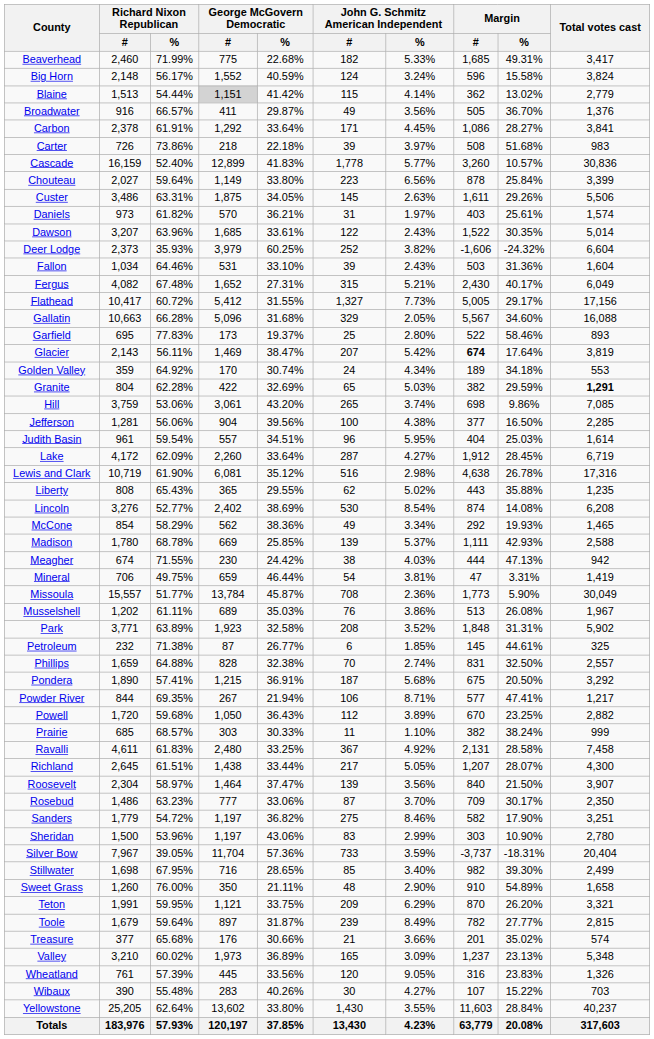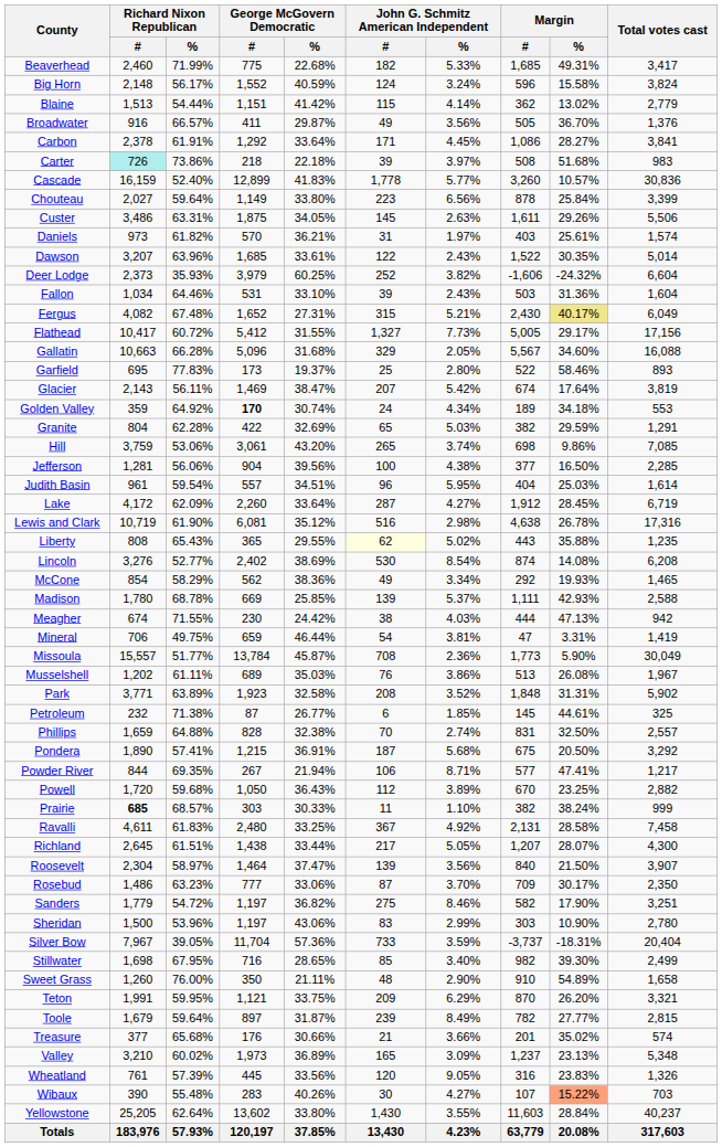 <table width="60%"  class="wikitable sortable" style="text-align:center">
 <tr>
 <th colspan="1" rowspan="2">County</th>
 <th style="text-align:center;" colspan="2">Richard Nixon<br>Republican</th>
 <th style="text-align:center;" colspan="2">George McGovern<br>Democratic</th>
 <th style="text-align:center;" colspan="2">John G. Schmitz<br>American Independent</th>
 <th style="text-align:center;" colspan="2">Margin</th>
 <th colspan="1" rowspan="2" style="text-align:center;">Total votes cast</th>
 </tr>
 <tr>
 <th style="text-align:center;" data-sort-type="number">#</th>
 <th style="text-align:center;" data-sort-type="number">%</th>
 <th style="text-align:center;" data-sort-type="number">#</th>
 <th style="text-align:center;" data-sort-type="number">%</th>
 <th style="text-align:center;" data-sort-type="number">#</th>
 <th style="text-align:center;" data-sort-type="number">%</th>
 <th style="text-align:center;" data-sort-type="number">#</th>
 <th style="text-align:center;" data-sort-type="number">%</th>
 </tr>
 <tr style="text-align:center;">
 <td><a href='#'>Beaverhead</a></td>
 <td>2,460</td>
 <td>71.99%</td>
 <td>775</td>
 <td>22.68%</td>
 <td>182</td>
 <td>5.33%</td>
 <td>1,685</td>
 <td>49.31%</td>
 <td>3,417</td>
 </tr>
 <tr style="text-align:center;">
 <td><a href='#'>Big Horn</a></td>
 <td>2,148</td>
 <td>56.17%</td>
 <td>1,552</td>
 <td>40.59%</td>
 <td>124</td>
 <td>3.24%</td>
 <td>596</td>
 <td>15.58%</td>
 <td>3,824</td>
 </tr>
 <tr style="text-align:center;">
 <td><a href='#'>Blaine</a></td>
 <td>1,513</td>
 <td>54.44%</td>
-<td style="background: lightgrey;">1,151</td>
+<td>1,151</td>
 <td>41.42%</td>
 <td>115</td>
 <td>4.14%</td>
 <td>362</td>
 <td>13.02%</td>
 <td>2,779</td>
 </tr>
 <tr style="text-align:center;">
 <td><a href='#'>Broadwater</a></td>
 <td>916</td>
 <td>66.57%</td>
 <td>411</td>
 <td>29.87%</td>
 <td>49</td>
 <td>3.56%</td>
 <td>505</td>
 <td>36.70%</td>
 <td>1,376</td>
 </tr>
 <tr style="text-align:center;">
 <td><a href='#'>Carbon</a></td>
 <td>2,378</td>
 <td>61.91%</td>
 <td>1,292</td>
 <td>33.64%</td>
 <td>171</td>
 <td>4.45%</td>
 <td>1,086</td>
 <td>28.27%</td>
 <td>3,841</td>
 </tr>
 <tr style="text-align:center;">
 <td><a href='#'>Carter</a></td>
-<td>726</td>
+<td style="background: paleturquoise;">726</td>
 <td>73.86%</td>
 <td>218</td>
 <td>22.18%</td>
 <td>39</td>
 <td>3.97%</td>
 <td>508</td>
 <td>51.68%</td>
 <td>983</td>
 </tr>
 <tr style="text-align:center;">
 <td><a href='#'>Cascade</a></td>
 <td>16,159</td>
 <td>52.40%</td>
 <td>12,899</td>
 <td>41.83%</td>
 <td>1,778</td>
 <td>5.77%</td>
 <td>3,260</td>
 <td>10.57%</td>
 <td>30,836</td>
 </tr>
 <tr style="text-align:center;">
 <td><a href='#'>Chouteau</a></td>
 <td>2,027</td>
 <td>59.64%</td>
 <td>1,149</td>
 <td>33.80%</td>
 <td>223</td>
 <td>6.56%</td>
 <td>878</td>
 <td>25.84%</td>
 <td>3,399</td>
 </tr>
 <tr style="text-align:center;">
 <td><a href='#'>Custer</a></td>
 <td>3,486</td>
 <td>63.31%</td>
 <td>1,875</td>
 <td>34.05%</td>
 <td>145</td>
 <td>2.63%</td>
 <td>1,611</td>
 <td>29.26%</td>
 <td>5,506</td>
 </tr>
 <tr style="text-align:center;">
 <td><a href='#'>Daniels</a></td>
 <td>973</td>
 <td>61.82%</td>
 <td>570</td>
 <td>36.21%</td>
 <td>31</td>
 <td>1.97%</td>
 <td>403</td>
 <td>25.61%</td>
 <td>1,574</td>
 </tr>
 <tr style="text-align:center;">
 <td><a href='#'>Dawson</a></td>
 <td>3,207</td>
 <td>63.96%</td>
 <td>1,685</td>
 <td>33.61%</td>
 <td>122</td>
 <td>2.43%</td>
 <td>1,522</td>
 <td>30.35%</td>
 <td>5,014</td>
 </tr>
 <tr style="text-align:center;">
 <td><a href='#'>Deer Lodge</a></td>
 <td>2,373</td>
 <td>35.93%</td>
 <td>3,979</td>
 <td>60.25%</td>
 <td>252</td>
 <td>3.82%</td>
 <td>-1,606</td>
 <td>-24.32%</td>
 <td>6,604</td>
 </tr>
 <tr style="text-align:center;">
 <td><a href='#'>Fallon</a></td>
 <td>1,034</td>
 <td>64.46%</td>
 <td>531</td>
 <td>33.10%</td>
 <td>39</td>
 <td>2.43%</td>
 <td>503</td>
 <td>31.36%</td>
 <td>1,604</td>
 </tr>
 <tr style="text-align:center;">
 <td><a href='#'>Fergus</a></td>
 <td>4,082</td>
 <td>67.48%</td>
 <td>1,652</td>
 <td>27.31%</td>
 <td>315</td>
 <td>5.21%</td>
 <td>2,430</td>
-<td>40.17%</td>
+<td style="background: khaki;">40.17%</td>
 <td>6,049</td>
 </tr>
 <tr style="text-align:center;">
 <td><a href='#'>Flathead</a></td>
 <td>10,417</td>
 <td>60.72%</td>
 <td>5,412</td>
 <td>31.55%</td>
 <td>1,327</td>
 <td>7.73%</td>
 <td>5,005</td>
 <td>29.17%</td>
 <td>17,156</td>
 </tr>
 <tr style="text-align:center;">
 <td><a href='#'>Gallatin</a></td>
 <td>10,663</td>
 <td>66.28%</td>
 <td>5,096</td>
 <td>31.68%</td>
 <td>329</td>
 <td>2.05%</td>
 <td>5,567</td>
 <td>34.60%</td>
 <td>16,088</td>
 </tr>
 <tr style="text-align:center;">
 <td><a href='#'>Garfield</a></td>
 <td>695</td>
 <td>77.83%</td>
 <td>173</td>
 <td>19.37%</td>
 <td>25</td>
 <td>2.80%</td>
 <td>522</td>
 <td>58.46%</td>
 <td>893</td>
 </tr>
 <tr style="text-align:center;">
 <td><a href='#'>Glacier</a></td>
 <td>2,143</td>
 <td>56.11%</td>
 <td>1,469</td>
 <td>38.47%</td>
 <td>207</td>
 <td>5.42%</td>
-<td><strong>674</strong></td>
+<td>674</td>
 <td>17.64%</td>
 <td>3,819</td>
 </tr>
 <tr style="text-align:center;">
 <td><a href='#'>Golden Valley</a></td>
 <td>359</td>
 <td>64.92%</td>
-<td>170</td>
+<td><strong>170</strong></td>
 <td>30.74%</td>
 <td>24</td>
 <td>4.34%</td>
 <td>189</td>
 <td>34.18%</td>
 <td>553</td>
 </tr>
 <tr style="text-align:center;">
 <td><a href='#'>Granite</a></td>
 <td>804</td>
 <td>62.28%</td>
 <td>422</td>
 <td>32.69%</td>
 <td>65</td>
 <td>5.03%</td>
 <td>382</td>
 <td>29.59%</td>
-<td><strong>1,291</strong></td>
+<td>1,291</td>
 </tr>
 <tr style="text-align:center;">
 <td><a href='#'>Hill</a></td>
 <td>3,759</td>
 <td>53.06%</td>
 <td>3,061</td>
 <td>43.20%</td>
 <td>265</td>
 <td>3.74%</td>
 <td>698</td>
 <td>9.86%</td>
 <td>7,085</td>
 </tr>
 <tr style="text-align:center;">
 <td><a href='#'>Jefferson</a></td>
 <td>1,281</td>
 <td>56.06%</td>
 <td>904</td>
 <td>39.56%</td>
 <td>100</td>
 <td>4.38%</td>
 <td>377</td>
 <td>16.50%</td>
 <td>2,285</td>
 </tr>
 <tr style="text-align:center;">
 <td><a href='#'>Judith Basin</a></td>
 <td>961</td>
 <td>59.54%</td>
 <td>557</td>
 <td>34.51%</td>
 <td>96</td>
 <td>5.95%</td>
 <td>404</td>
 <td>25.03%</td>
 <td>1,614</td>
 </tr>
 <tr style="text-align:center;">
 <td><a href='#'>Lake</a></td>
 <td>4,172</td>
 <td>62.09%</td>
 <td>2,260</td>
 <td>33.64%</td>
 <td>287</td>
 <td>4.27%</td>
 <td>1,912</td>
 <td>28.45%</td>
 <td>6,719</td>
 </tr>
 <tr style="text-align:center;">
 <td><a href='#'>Lewis and Clark</a></td>
 <td>10,719</td>
 <td>61.90%</td>
 <td>6,081</td>
 <td>35.12%</td>
 <td>516</td>
 <td>2.98%</td>
 <td>4,638</td>
 <td>26.78%</td>
 <td>17,316</td>
 </tr>
 <tr style="text-align:center;">
 <td><a href='#'>Liberty</a></td>
 <td>808</td>
 <td>65.43%</td>
 <td>365</td>
 <td>29.55%</td>
-<td>62</td>
+<td style="background: lightyellow;">62</td>
 <td>5.02%</td>
 <td>443</td>
 <td>35.88%</td>
 <td>1,235</td>
 </tr>
 <tr style="text-align:center;">
 <td><a href='#'>Lincoln</a></td>
 <td>3,276</td>
 <td>52.77%</td>
 <td>2,402</td>
 <td>38.69%</td>
 <td>530</td>
 <td>8.54%</td>
 <td>874</td>
 <td>14.08%</td>
 <td>6,208</td>
 </tr>
 <tr style="text-align:center;">
 <td><a href='#'>McCone</a></td>
 <td>854</td>
 <td>58.29%</td>
 <td>562</td>
 <td>38.36%</td>
 <td>49</td>
 <td>3.34%</td>
 <td>292</td>
 <td>19.93%</td>
 <td>1,465</td>
 </tr>
 <tr style="text-align:center;">
 <td><a href='#'>Madison</a></td>
 <td>1,780</td>
 <td>68.78%</td>
 <td>669</td>
 <td>25.85%</td>
 <td>139</td>
 <td>5.37%</td>
 <td>1,111</td>
 <td>42.93%</td>
 <td>2,588</td>
 </tr>
 <tr style="text-align:center;">
 <td><a href='#'>Meagher</a></td>
 <td>674</td>
 <td>71.55%</td>
 <td>230</td>
 <td>24.42%</td>
 <td>38</td>
 <td>4.03%</td>
 <td>444</td>
 <td>47.13%</td>
 <td>942</td>
 </tr>
 <tr style="text-align:center;">
 <td><a href='#'>Mineral</a></td>
 <td>706</td>
 <td>49.75%</td>
 <td>659</td>
 <td>46.44%</td>
 <td>54</td>
 <td>3.81%</td>
 <td>47</td>
 <td>3.31%</td>
 <td>1,419</td>
 </tr>
 <tr style="text-align:center;">
 <td><a href='#'>Missoula</a></td>
 <td>15,557</td>
 <td>51.77%</td>
 <td>13,784</td>
 <td>45.87%</td>
 <td>708</td>
 <td>2.36%</td>
 <td>1,773</td>
 <td>5.90%</td>
 <td>30,049</td>
 </tr>
 <tr style="text-align:center;">
 <td><a href='#'>Musselshell</a></td>
 <td>1,202</td>
 <td>61.11%</td>
 <td>689</td>
 <td>35.03%</td>
 <td>76</td>
 <td>3.86%</td>
 <td>513</td>
 <td>26.08%</td>
 <td>1,967</td>
 </tr>
 <tr style="text-align:center;">
 <td><a href='#'>Park</a></td>
 <td>3,771</td>
 <td>63.89%</td>
 <td>1,923</td>
 <td>32.58%</td>
 <td>208</td>
 <td>3.52%</td>
 <td>1,848</td>
 <td>31.31%</td>
 <td>5,902</td>
 </tr>
 <tr style="text-align:center;">
 <td><a href='#'>Petroleum</a></td>
 <td>232</td>
 <td>71.38%</td>
 <td>87</td>
 <td>26.77%</td>
 <td>6</td>
 <td>1.85%</td>
 <td>145</td>
 <td>44.61%</td>
 <td>325</td>
 </tr>
 <tr style="text-align:center;">
 <td><a href='#'>Phillips</a></td>
 <td>1,659</td>
 <td>64.88%</td>
 <td>828</td>
 <td>32.38%</td>
 <td>70</td>
 <td>2.74%</td>
 <td>831</td>
 <td>32.50%</td>
 <td>2,557</td>
 </tr>
 <tr style="text-align:center;">
 <td><a href='#'>Pondera</a></td>
 <td>1,890</td>
 <td>57.41%</td>
 <td>1,215</td>
 <td>36.91%</td>
 <td>187</td>
 <td>5.68%</td>
 <td>675</td>
 <td>20.50%</td>
 <td>3,292</td>
 </tr>
 <tr style="text-align:center;">
 <td><a href='#'>Powder River</a></td>
 <td>844</td>
 <td>69.35%</td>
 <td>267</td>
 <td>21.94%</td>
 <td>106</td>
 <td>8.71%</td>
 <td>577</td>
 <td>47.41%</td>
 <td>1,217</td>
 </tr>
 <tr style="text-align:center;">
 <td><a href='#'>Powell</a></td>
 <td>1,720</td>
 <td>59.68%</td>
 <td>1,050</td>
 <td>36.43%</td>
 <td>112</td>
 <td>3.89%</td>
 <td>670</td>
 <td>23.25%</td>
 <td>2,882</td>
 </tr>
 <tr style="text-align:center;">
 <td><a href='#'>Prairie</a></td>
-<td>685</td>
+<td><strong>685</strong></td>
 <td>68.57%</td>
 <td>303</td>
 <td>30.33%</td>
 <td>11</td>
 <td>1.10%</td>
 <td>382</td>
 <td>38.24%</td>
 <td>999</td>
 </tr>
 <tr style="text-align:center;">
 <td><a href='#'>Ravalli</a></td>
 <td>4,611</td>
 <td>61.83%</td>
 <td>2,480</td>
 <td>33.25%</td>
 <td>367</td>
 <td>4.92%</td>
 <td>2,131</td>
 <td>28.58%</td>
 <td>7,458</td>
 </tr>
 <tr style="text-align:center;">
 <td><a href='#'>Richland</a></td>
 <td>2,645</td>
 <td>61.51%</td>
 <td>1,438</td>
 <td>33.44%</td>
 <td>217</td>
 <td>5.05%</td>
 <td>1,207</td>
 <td>28.07%</td>
 <td>4,300</td>
 </tr>
 <tr style="text-align:center;">
 <td><a href='#'>Roosevelt</a></td>
 <td>2,304</td>
 <td>58.97%</td>
 <td>1,464</td>
 <td>37.47%</td>
 <td>139</td>
 <td>3.56%</td>
 <td>840</td>
 <td>21.50%</td>
 <td>3,907</td>
 </tr>
 <tr style="text-align:center;">
 <td><a href='#'>Rosebud</a></td>
 <td>1,486</td>
 <td>63.23%</td>
 <td>777</td>
 <td>33.06%</td>
 <td>87</td>
 <td>3.70%</td>
 <td>709</td>
 <td>30.17%</td>
 <td>2,350</td>
 </tr>
 <tr style="text-align:center;">
 <td><a href='#'>Sanders</a></td>
 <td>1,779</td>
 <td>54.72%</td>
 <td>1,197</td>
 <td>36.82%</td>
 <td>275</td>
 <td>8.46%</td>
 <td>582</td>
 <td>17.90%</td>
 <td>3,251</td>
 </tr>
 <tr style="text-align:center;">
 <td><a href='#'>Sheridan</a></td>
 <td>1,500</td>
 <td>53.96%</td>
 <td>1,197</td>
 <td>43.06%</td>
 <td>83</td>
 <td>2.99%</td>
 <td>303</td>
 <td>10.90%</td>
 <td>2,780</td>
 </tr>
 <tr style="text-align:center;">
 <td><a href='#'>Silver Bow</a></td>
 <td>7,967</td>
 <td>39.05%</td>
 <td>11,704</td>
 <td>57.36%</td>
 <td>733</td>
 <td>3.59%</td>
 <td>-3,737</td>
 <td>-18.31%</td>
 <td>20,404</td>
 </tr>
 <tr style="text-align:center;">
 <td><a href='#'>Stillwater</a></td>
 <td>1,698</td>
 <td>67.95%</td>
 <td>716</td>
 <td>28.65%</td>
 <td>85</td>
 <td>3.40%</td>
 <td>982</td>
 <td>39.30%</td>
 <td>2,499</td>
 </tr>
 <tr style="text-align:center;">
 <td><a href='#'>Sweet Grass</a></td>
 <td>1,260</td>
 <td>76.00%</td>
 <td>350</td>
 <td>21.11%</td>
 <td>48</td>
 <td>2.90%</td>
 <td>910</td>
 <td>54.89%</td>
 <td>1,658</td>
 </tr>
 <tr style="text-align:center;">
 <td><a href='#'>Teton</a></td>
 <td>1,991</td>
 <td>59.95%</td>
 <td>1,121</td>
 <td>33.75%</td>
 <td>209</td>
 <td>6.29%</td>
 <td>870</td>
 <td>26.20%</td>
 <td>3,321</td>
 </tr>
 <tr style="text-align:center;">
 <td><a href='#'>Toole</a></td>
 <td>1,679</td>
 <td>59.64%</td>
 <td>897</td>
 <td>31.87%</td>
 <td>239</td>
 <td>8.49%</td>
 <td>782</td>
 <td>27.77%</td>
 <td>2,815</td>
 </tr>
 <tr style="text-align:center;">
 <td><a href='#'>Treasure</a></td>
 <td>377</td>
 <td>65.68%</td>
 <td>176</td>
 <td>30.66%</td>
 <td>21</td>
 <td>3.66%</td>
 <td>201</td>
 <td>35.02%</td>
 <td>574</td>
 </tr>
 <tr style="text-align:center;">
 <td><a href='#'>Valley</a></td>
 <td>3,210</td>
 <td>60.02%</td>
 <td>1,973</td>
 <td>36.89%</td>
 <td>165</td>
 <td>3.09%</td>
 <td>1,237</td>
 <td>23.13%</td>
 <td>5,348</td>
 </tr>
 <tr style="text-align:center;">
 <td><a href='#'>Wheatland</a></td>
 <td>761</td>
 <td>57.39%</td>
 <td>445</td>
 <td>33.56%</td>
 <td>120</td>
 <td>9.05%</td>
 <td>316</td>
 <td>23.83%</td>
 <td>1,326</td>
 </tr>
 <tr style="text-align:center;">
 <td><a href='#'>Wibaux</a></td>
 <td>390</td>
 <td>55.48%</td>
 <td>283</td>
 <td>40.26%</td>
 <td>30</td>
 <td>4.27%</td>
 <td>107</td>
-<td>15.22%</td>
+<td style="background: lightsalmon;">15.22%</td>
 <td>703</td>
 </tr>
 <tr style="text-align:center;">
 <td><a href='#'>Yellowstone</a></td>
 <td>25,205</td>
 <td>62.64%</td>
 <td>13,602</td>
 <td>33.80%</td>
 <td>1,430</td>
 <td>3.55%</td>
 <td>11,603</td>
 <td>28.84%</td>
 <td>40,237</td>
 </tr>
 <tr style="text-align:center;">
 <th>Totals</th>
 <th>183,976</th>
 <th>57.93%</th>
 <th>120,197</th>
 <th>37.85%</th>
 <th>13,430</th>
 <th>4.23%</th>
 <th>63,779</th>
 <th>20.08%</th>
 <th>317,603</th>
 </tr>
 </table>
